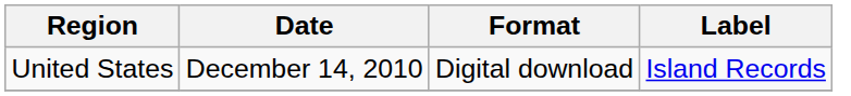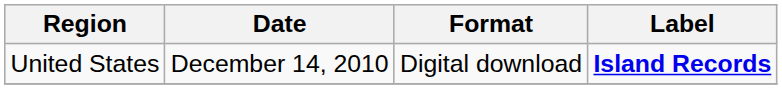 <table class="wikitable">
 <tr>
 <th>Region</th>
 <th>Date</th>
 <th>Format</th>
 <th>Label</th>
 </tr>
 <tr>
 <td>United States</td>
 <td>December 14, 2010</td>
 <td>Digital download</td>
-<td><a href='#'>Island Records</a></td>
+<td><strong><a href='#'>Island Records</a></strong></td>
 </tr>
 <tr>
 </tr>
 </table>
